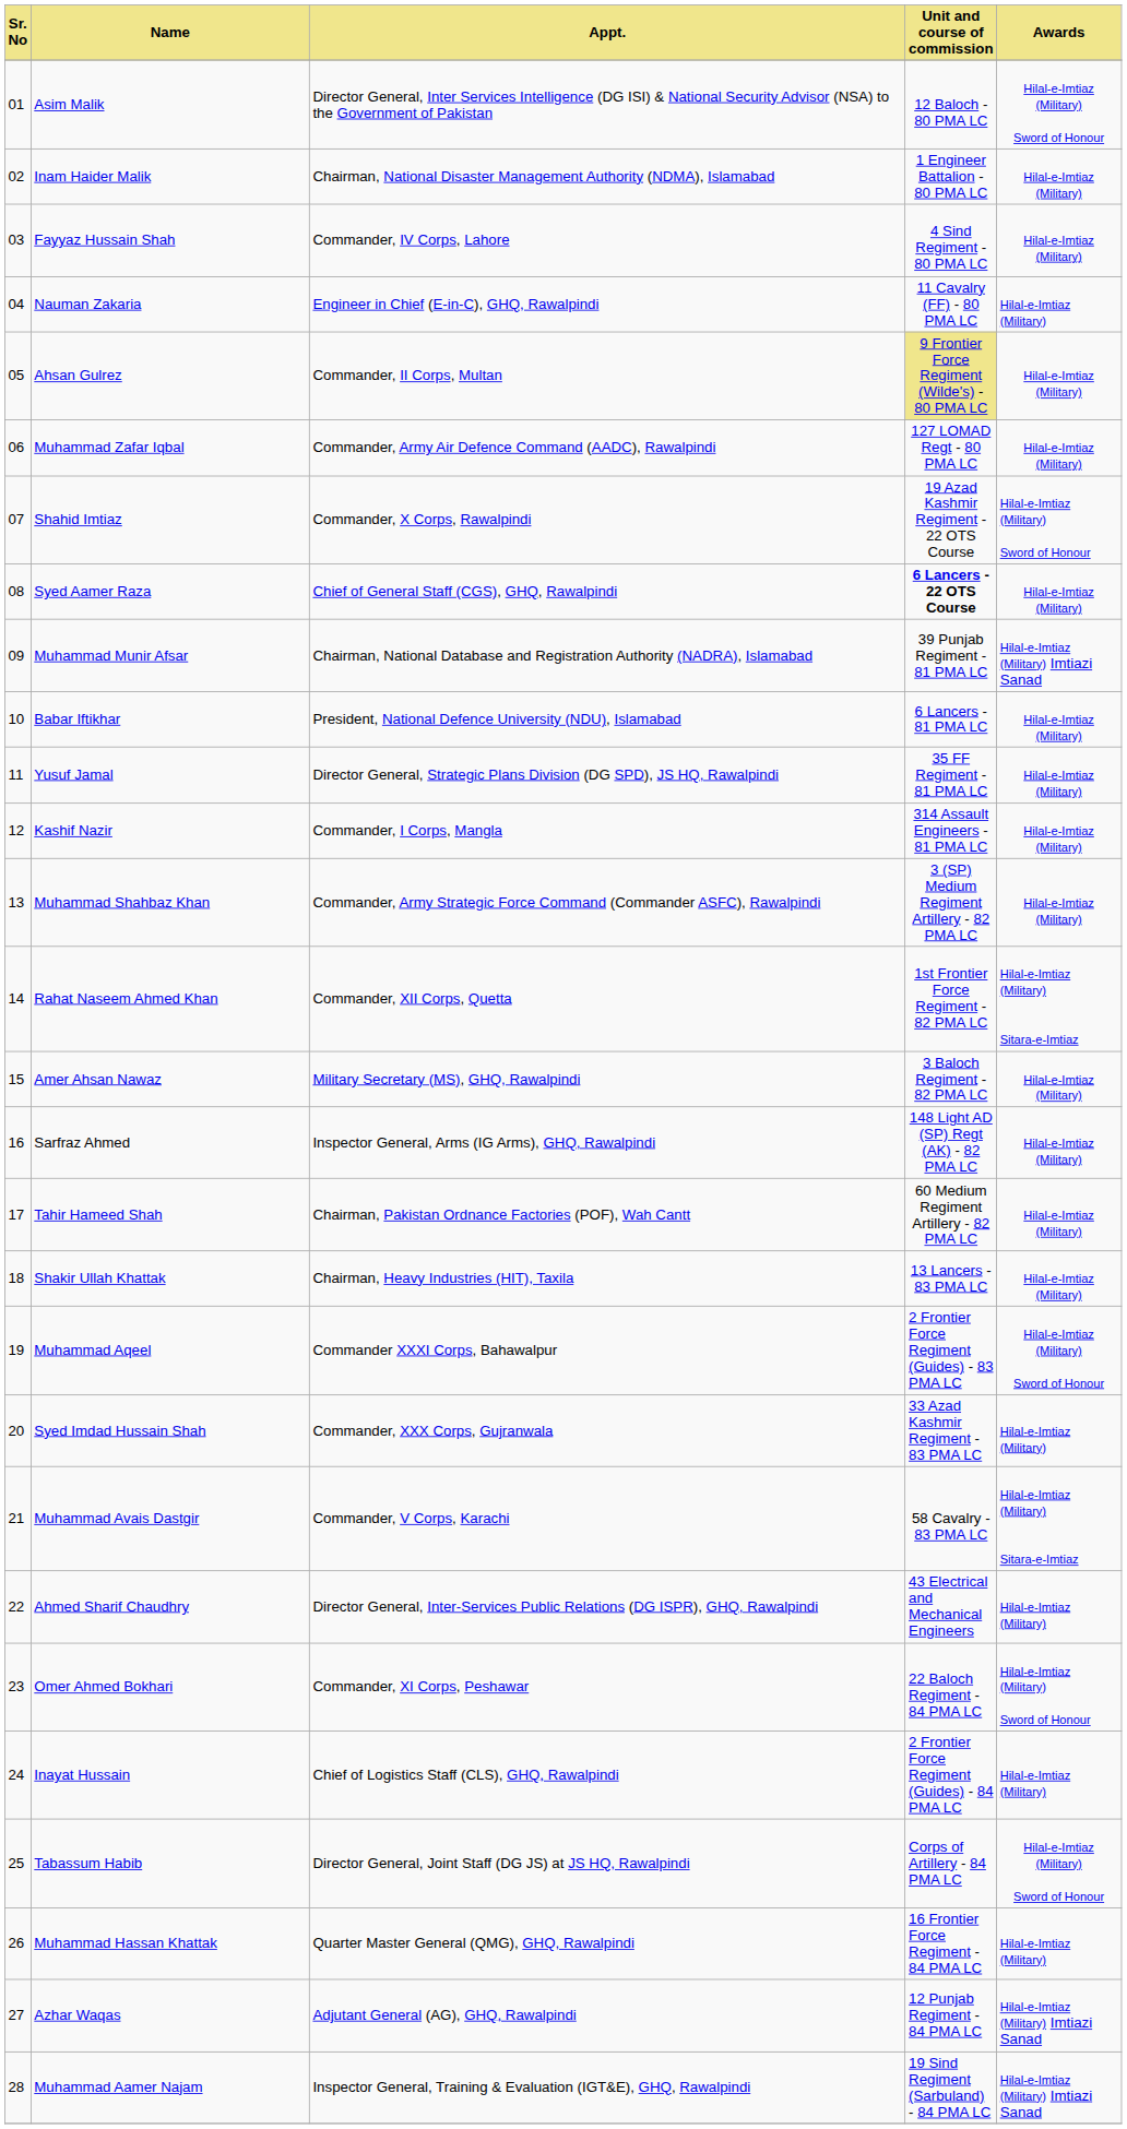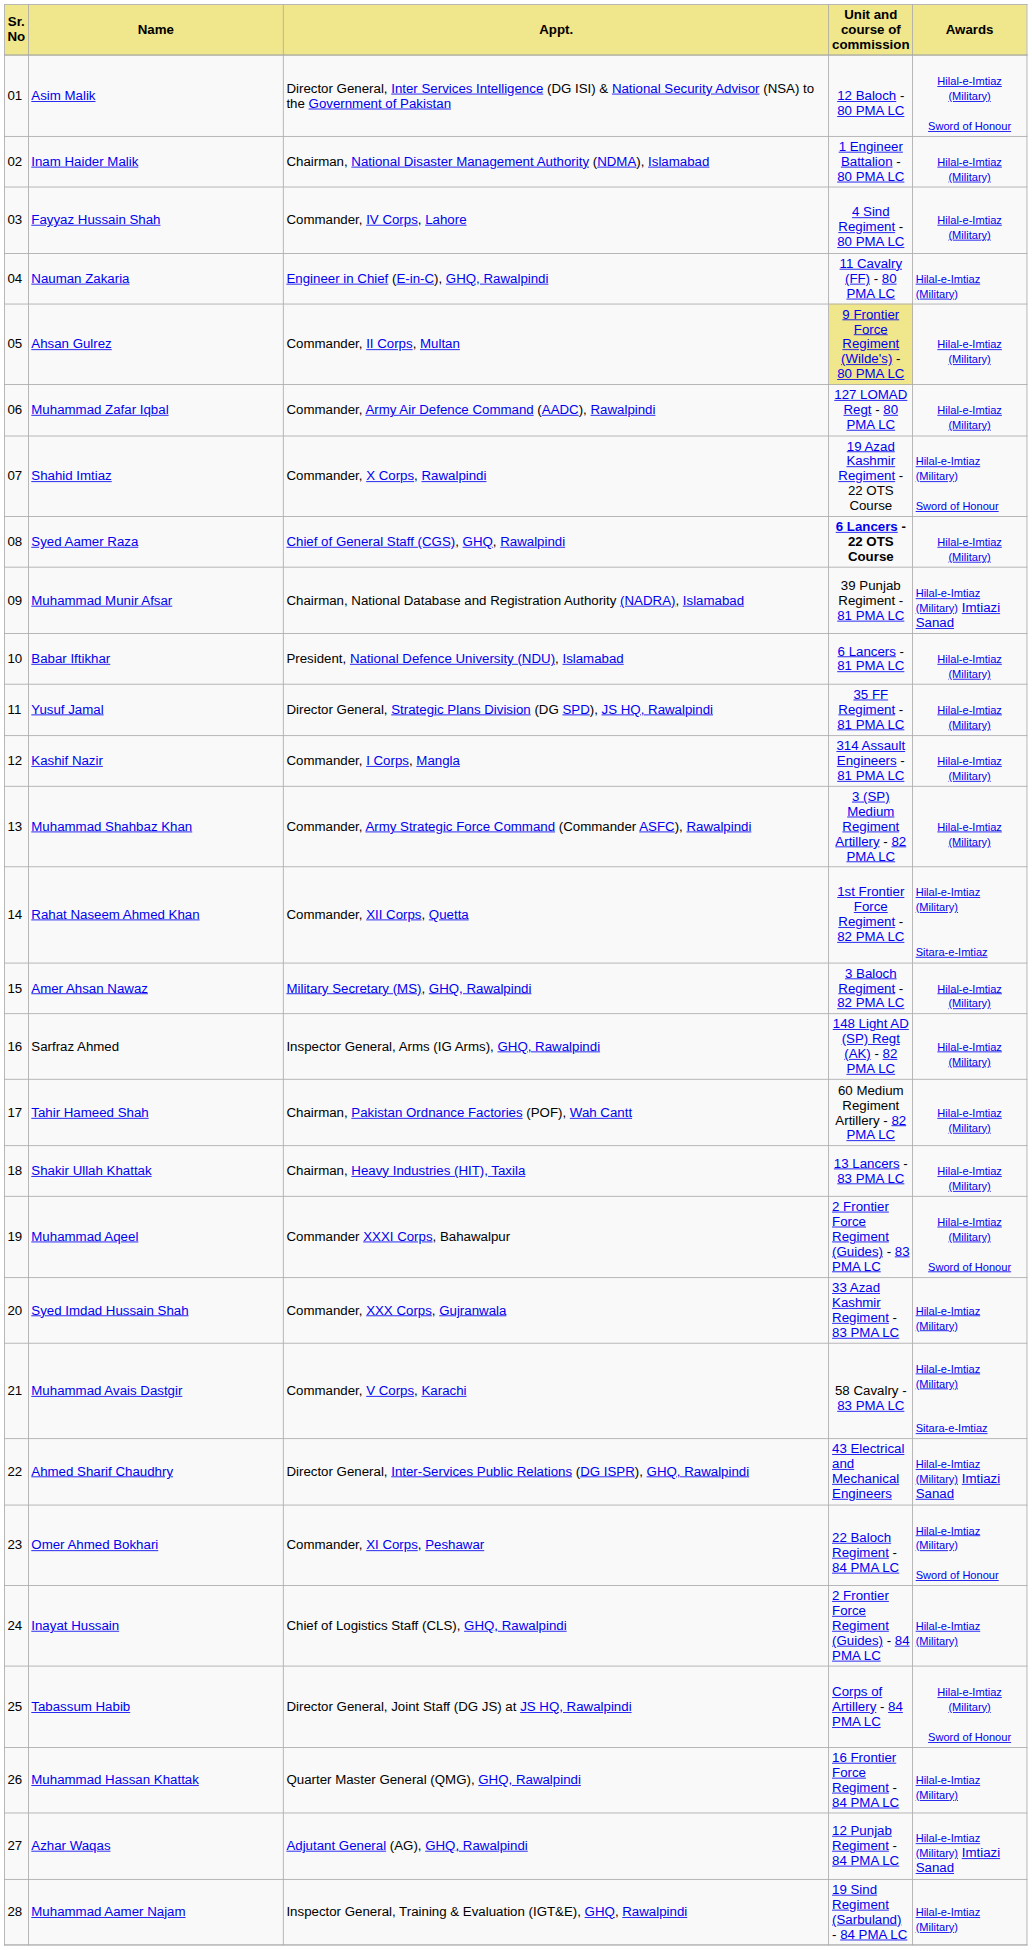 <table class="wikitable sortable">
 <tr>
 <th style="background:#F0E68C; text-align:center" width="10">Sr. No</th>
 <th style="background:#F0E68C; text-align:center" width="300">Name</th>
 <th style="background:#F0E68C; text-align:center" width="650">Appt.</th>
 <th style="background:#F0E68C; text-align:center" width="50">Unit and course of commission</th>
 <th style="background:#F0E68C; text-align:center" width="130">Awards</th>
 </tr>
 <tr>
 </tr>
 <tr>
 <td>01</td>
 <td><a href='#'>Asim Malik</a></td>
 <td>Director General, <a href='#'>Inter Services Intelligence</a> (DG ISI) & <a href='#'>National Security Advisor</a> (NSA) to the <a href='#'>Government of Pakistan</a></td>
 <td style="text-align:center"><br><a href='#'>12 Baloch</a> - <a href='#'>80 PMA LC</a></td>
 <td style="text-align:center"> <br><a href='#'><small>Hilal-e-Imtiaz (Military)</small></a><br> <br><a href='#'><small>Sword of Honour</small></a></td>
 </tr>
 <tr>
 <td>02</td>
 <td><a href='#'>Inam Haider Malik</a></td>
 <td>Chairman, <a href='#'>National Disaster Management Authority</a> (<a href='#'>NDMA</a>), <a href='#'>Islamabad</a></td>
 <td style="text-align:center"><a href='#'>1 Engineer Battalion</a> - <a href='#'>80 PMA LC</a></td>
 <td style="text-align:center"> <br><a href='#'><small>Hilal-e-Imtiaz (Military)</small></a></td>
 </tr>
 <tr>
 <td>03</td>
 <td><a href='#'>Fayyaz Hussain Shah</a></td>
 <td>Commander, <a href='#'>IV Corps</a>, <a href='#'>Lahore</a></td>
 <td style="text-align:center"><br><a href='#'>4 Sind Regiment</a> - <a href='#'>80 PMA LC</a></td>
 <td style="text-align:center"> <br><a href='#'><small>Hilal-e-Imtiaz (Military)</small></a></td>
 </tr>
 <tr>
 <td>04</td>
 <td><a href='#'>Nauman Zakaria</a></td>
 <td><a href='#'>Engineer in Chief</a> (<a href='#'>E-in-C</a>), <a href='#'>GHQ, Rawalpindi</a></td>
 <td style="text-align:center"><a href='#'>11 Cavalry (FF)</a> - <a href='#'>80 PMA LC</a></td>
 <td> <br><a href='#'><small>Hilal-e-Imtiaz (Military)</small></a></td>
 </tr>
 <tr>
 <td>05</td>
 <td><a href='#'>Ahsan Gulrez</a></td>
 <td>Commander, <a href='#'>II Corps</a>, <a href='#'>Multan</a></td>
 <td style="background: khaki; text-align:center"><a href='#'>9 Frontier Force Regiment (Wilde's)</a> - <a href='#'>80 PMA LC</a></td>
 <td style="text-align:center"> <br><a href='#'><small>Hilal-e-Imtiaz (Military)</small></a></td>
 </tr>
 <tr>
 <td>06</td>
 <td><a href='#'>Muhammad Zafar Iqbal</a></td>
 <td>Commander, <a href='#'>Army Air Defence Command</a> (<a href='#'>AADC</a>), <a href='#'>Rawalpindi</a></td>
 <td style="text-align:center"><a href='#'>127 LOMAD Regt</a> - <a href='#'>80 PMA LC</a></td>
 <td style="text-align:center"> <br><a href='#'><small>Hilal-e-Imtiaz (Military)</small></a></td>
 </tr>
 <tr>
 <td>07</td>
 <td><a href='#'>Shahid Imtiaz</a></td>
 <td>Commander, <a href='#'>X Corps</a>, <a href='#'>Rawalpindi</a></td>
 <td style="text-align:center"><a href='#'>19 Azad Kashmir Regiment</a> - 22 OTS Course</td>
 <td> <br><a href='#'><small>Hilal-e-Imtiaz (Military)</small></a><br> <br><a href='#'><small>Sword of Honour</small></a></td>
 </tr>
 <tr>
 <td>08</td>
 <td><a href='#'>Syed Aamer Raza</a></td>
 <td><a href='#'>Chief of General Staff (CGS)</a>, <a href='#'>GHQ</a>, <a href='#'>Rawalpindi</a></td>
 <td style="text-align:center"><strong><a href='#'>6 Lancers</a> - 22 OTS Course</strong></td>
 <td style="text-align:center"> <br><a href='#'><small>Hilal-e-Imtiaz (Military)</small></a></td>
 </tr>
 <tr>
 <td>09</td>
 <td><a href='#'>Muhammad Munir Afsar</a></td>
 <td>Chairman, National Database and Registration Authority <a href='#'>(NADRA)</a>, <a href='#'>Islamabad</a></td>
 <td style="text-align:center">39 Punjab Regiment  - <a href='#'>81 PMA LC</a></td>
 <td><br><a href='#'><small>Hilal-e-Imtiaz (Military)</small></a>   <a href='#'>Imtiazi Sanad</a></td>
 </tr>
 <tr>
 <td>10</td>
 <td><a href='#'>Babar Iftikhar</a></td>
 <td>President, <a href='#'>National Defence University (NDU)</a>, <a href='#'>Islamabad</a></td>
 <td style="text-align:center"><a href='#'>6 Lancers</a> - <a href='#'>81 PMA LC</a></td>
 <td style="text-align:center"> <br><a href='#'><small>Hilal-e-Imtiaz (Military)</small></a></td>
 </tr>
 <tr>
 <td>11</td>
 <td><a href='#'>Yusuf Jamal</a></td>
 <td>Director General, <a href='#'>Strategic Plans Division</a> (DG <a href='#'>SPD</a>), <a href='#'>JS HQ, Rawalpindi</a></td>
 <td style="text-align:center"><a href='#'>35 FF Regiment</a> - <a href='#'>81 PMA LC</a></td>
 <td style="text-align:center"> <br><a href='#'><small>Hilal-e-Imtiaz (Military)</small></a></td>
 </tr>
 <tr>
 <td>12</td>
 <td><a href='#'>Kashif Nazir</a></td>
 <td>Commander, <a href='#'>I Corps</a>, <a href='#'>Mangla</a></td>
 <td style="text-align:center"><a href='#'>314 Assault Engineers</a> - <a href='#'>81 PMA LC</a></td>
 <td style="text-align:center"> <br><a href='#'><small>Hilal-e-Imtiaz (Military)</small></a></td>
 </tr>
 <tr>
 <td>13</td>
 <td><a href='#'>Muhammad Shahbaz Khan</a></td>
 <td>Commander, <a href='#'>Army Strategic Force Command</a> (Commander <a href='#'>ASFC</a>), <a href='#'>Rawalpindi</a></td>
 <td style="text-align:center"><a href='#'>3 (SP) Medium Regiment Artillery</a> - <a href='#'>82 PMA LC</a></td>
 <td style="text-align:center"> <br><a href='#'><small>Hilal-e-Imtiaz (Military)</small></a></td>
 </tr>
 <tr>
 <td>14</td>
 <td><a href='#'>Rahat Naseem Ahmed Khan</a></td>
 <td>Commander, <a href='#'>XII Corps</a>, <a href='#'>Quetta</a></td>
 <td style="text-align:center"><a href='#'>1st Frontier Force Regiment</a> - <a href='#'>82 PMA LC</a></td>
 <td> <br><a href='#'><small>Hilal-e-Imtiaz (Military)</small></a><br><br>  <br> <a href='#'><small>Sitara-e-Imtiaz </small></a></td>
 </tr>
 <tr>
 <td>15</td>
 <td><a href='#'>Amer Ahsan Nawaz</a></td>
 <td><a href='#'>Military Secretary (MS)</a>, <a href='#'>GHQ, Rawalpindi</a></td>
 <td style="text-align:center"><a href='#'>3 Baloch Regiment</a> -  <a href='#'>82 PMA LC</a></td>
 <td style="text-align:center"> <br><a href='#'><small>Hilal-e-Imtiaz (Military)</small></a></td>
 </tr>
 <tr>
 <td>16</td>
 <td>Sarfraz Ahmed</td>
 <td>Inspector General, Arms (IG Arms), <a href='#'>GHQ, Rawalpindi</a></td>
 <td style="text-align:center"><a href='#'>148 Light AD (SP) Regt (AK)</a> -  <a href='#'>82 PMA LC</a></td>
 <td style="text-align:center"> <br><a href='#'><small>Hilal-e-Imtiaz (Military)</small></a></td>
 </tr>
 <tr>
 <td>17</td>
 <td><a href='#'>Tahir Hameed Shah</a></td>
 <td>Chairman, <a href='#'>Pakistan Ordnance Factories</a> (POF), <a href='#'>Wah Cantt</a></td>
 <td style="text-align:center">60 Medium Regiment Artillery - <a href='#'>82 PMA LC</a></td>
 <td style="text-align:center"> <br><a href='#'><small>Hilal-e-Imtiaz (Military)</small></a></td>
 </tr>
 <tr>
 <td>18</td>
 <td><a href='#'>Shakir Ullah Khattak</a></td>
 <td>Chairman, <a href='#'>Heavy Industries (HIT), Taxila</a></td>
 <td style="text-align:center"><a href='#'>13 Lancers</a> - <a href='#'>83 PMA LC</a></td>
 <td style="text-align:center"> <br><a href='#'><small>Hilal-e-Imtiaz (Military)</small></a></td>
 </tr>
 <tr>
 <td>19</td>
 <td><a href='#'>Muhammad Aqeel</a></td>
 <td>Commander <a href='#'>XXXI Corps</a>, Bahawalpur</td>
 <td><a href='#'>2 Frontier Force Regiment (Guides)</a> - <a href='#'>83 PMA LC</a></td>
 <td style="text-align:center"> <br><a href='#'><small>Hilal-e-Imtiaz (Military)</small></a><br> <br><a href='#'><small>Sword of Honour</small></a></td>
 </tr>
 <tr>
 <td>20</td>
 <td><a href='#'>Syed Imdad Hussain Shah</a></td>
 <td>Commander, <a href='#'>XXX Corps</a>, <a href='#'>Gujranwala</a></td>
 <td><a href='#'>33 Azad Kashmir Regiment</a> - <a href='#'>83 PMA LC</a></td>
 <td> <br><a href='#'><small>Hilal-e-Imtiaz (Military)</small></a></td>
 </tr>
 <tr>
 <td>21</td>
 <td><a href='#'>Muhammad Avais Dastgir</a></td>
 <td>Commander, <a href='#'>V Corps</a>, <a href='#'>Karachi</a></td>
 <td style="text-align:center"><br>58 Cavalry - <a href='#'>83 PMA LC</a></td>
 <td> <br><a href='#'><small>Hilal-e-Imtiaz (Military)</small></a><br><br>  <br> <a href='#'><small>Sitara-e-Imtiaz </small></a></td>
 </tr>
 <tr>
 <td>22</td>
 <td><a href='#'>Ahmed Sharif Chaudhry</a></td>
 <td>Director General, <a href='#'>Inter-Services Public Relations</a> (<a href='#'>DG ISPR</a>), <a href='#'>GHQ, Rawalpindi</a></td>
 <td><a href='#'>43 Electrical and Mechanical Engineers</a></td>
-<td> <br><a href='#'><small>Hilal-e-Imtiaz (Military)</small></a></td>
+<td><br><a href='#'><small>Hilal-e-Imtiaz (Military)</small></a>   <a href='#'>Imtiazi Sanad</a></td>
 </tr>
 <tr>
 <td>23</td>
 <td><a href='#'>Omer Ahmed Bokhari</a></td>
 <td>Commander, <a href='#'>XI Corps</a>, <a href='#'>Peshawar</a></td>
 <td><br><a href='#'>22 Baloch Regiment</a> - <a href='#'>84 PMA LC</a></td>
 <td> <br><a href='#'><small>Hilal-e-Imtiaz (Military)</small></a><br> <br><a href='#'><small>Sword of Honour</small></a></td>
 </tr>
 <tr>
 <td>24</td>
 <td><a href='#'>Inayat Hussain</a></td>
 <td>Chief of Logistics Staff (CLS), <a href='#'>GHQ, Rawalpindi</a></td>
 <td><a href='#'>2 Frontier Force Regiment (Guides)</a> - <a href='#'>84 PMA LC</a></td>
 <td> <br><a href='#'><small>Hilal-e-Imtiaz (Military)</small></a><br></td>
 </tr>
 <tr>
 <td>25</td>
 <td><a href='#'>Tabassum Habib</a></td>
 <td>Director General, Joint Staff (DG JS) at <a href='#'>JS HQ, Rawalpindi</a></td>
 <td><a href='#'>Corps of Artillery</a> - <a href='#'>84 PMA LC</a></td>
 <td style="text-align:center"> <br><a href='#'><small>Hilal-e-Imtiaz (Military)</small></a><br> <br><a href='#'><small>Sword of Honour</small></a></td>
 </tr>
 <tr>
 <td>26</td>
 <td><a href='#'>Muhammad Hassan Khattak</a></td>
 <td>Quarter Master General (QMG), <a href='#'>GHQ, Rawalpindi</a></td>
 <td><a href='#'>16 Frontier Force Regiment</a> - <a href='#'>84 PMA LC</a></td>
 <td> <br><small><a href='#'>Hilal-e-Imtiaz (Military)</a></small></td>
 </tr>
 <tr>
 <td>27</td>
 <td><a href='#'>Azhar Waqas</a></td>
 <td><a href='#'>Adjutant General</a> (AG), <a href='#'>GHQ, Rawalpindi</a></td>
 <td><a href='#'>12 Punjab Regiment</a> - <a href='#'>84 PMA LC</a></td>
 <td><br><a href='#'><small>Hilal-e-Imtiaz (Military)</small></a>   <a href='#'>Imtiazi Sanad</a></td>
 </tr>
 <tr>
 <td>28</td>
 <td><a href='#'>Muhammad Aamer Najam</a></td>
 <td>Inspector General, Training & Evaluation (IGT&E), <a href='#'>GHQ</a>, <a href='#'>Rawalpindi</a></td>
 <td><a href='#'>19 Sind Regiment (Sarbuland)</a> - <a href='#'>84 PMA LC</a></td>
-<td><br><a href='#'><small>Hilal-e-Imtiaz (Military)</small></a>   <a href='#'>Imtiazi Sanad</a></td>
+<td><br><a href='#'><small>Hilal-e-Imtiaz (Military)</small></a></td>
 </tr>
 <tr>
 </tr>
 </table>
